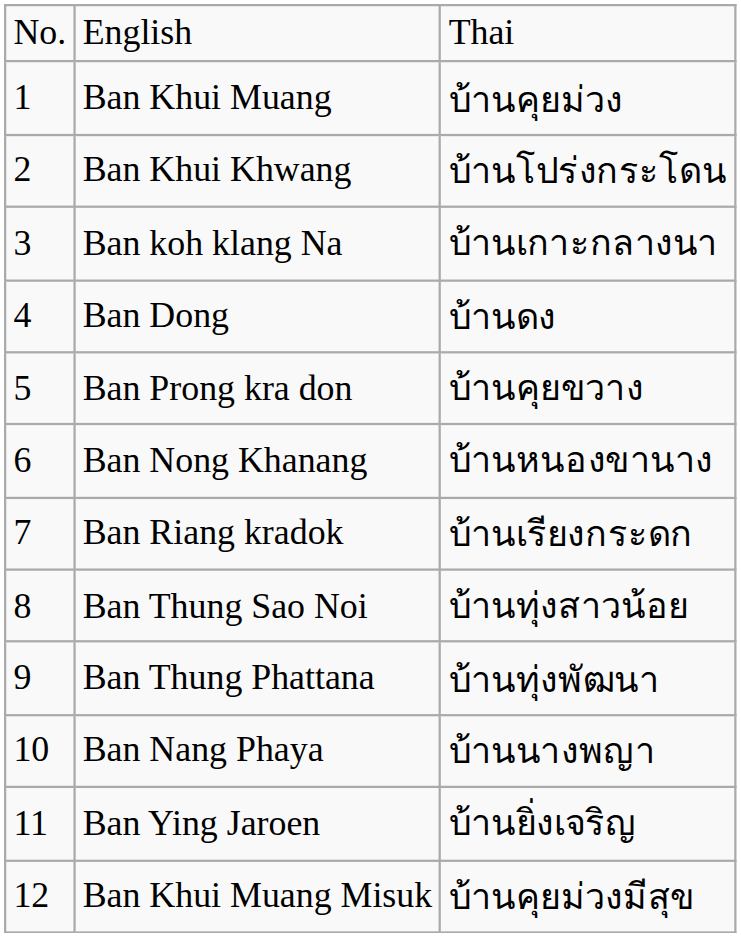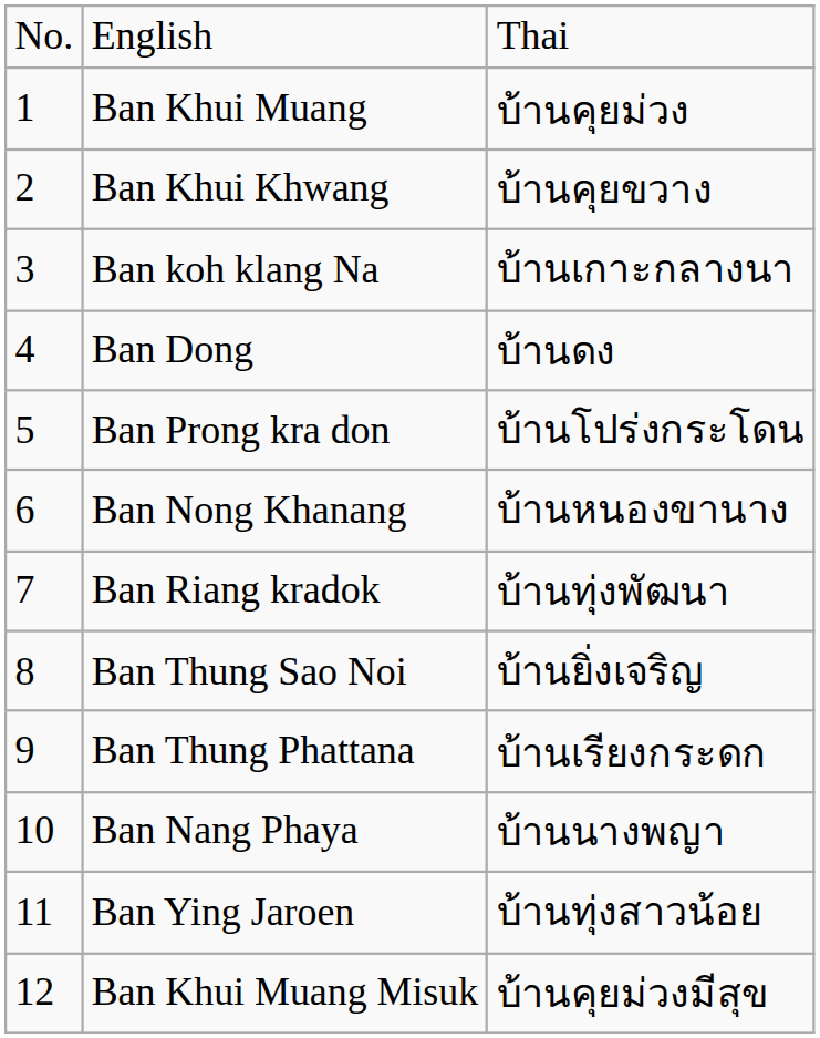 <table class="wikitable">
 <tr>
 <td>No.</td>
 <td>English</td>
 <td>Thai</td>
 </tr>
 <tr>
 <td>1</td>
 <td>Ban Khui Muang</td>
 <td>บ้านคุยม่วง</td>
 </tr>
 <tr>
 <td>2</td>
 <td>Ban Khui Khwang</td>
-<td>บ้านโปร่งกระโดน</td>
+<td>บ้านคุยขวาง</td>
 </tr>
 <tr>
 <td>3</td>
 <td>Ban koh klang Na</td>
 <td>บ้านเกาะกลางนา</td>
 </tr>
 <tr>
 <td>4</td>
 <td>Ban Dong</td>
 <td>บ้านดง</td>
 </tr>
 <tr>
 <td>5</td>
 <td>Ban Prong kra don</td>
-<td>บ้านคุยขวาง</td>
+<td>บ้านโปร่งกระโดน</td>
 </tr>
 <tr>
 <td>6</td>
 <td>Ban Nong Khanang</td>
 <td>บ้านหนองขานาง</td>
 </tr>
 <tr>
 <td>7</td>
 <td>Ban Riang kradok</td>
-<td>บ้านเรียงกระดก</td>
+<td>บ้านทุ่งพัฒนา</td>
 </tr>
 <tr>
 <td>8</td>
 <td>Ban Thung Sao Noi</td>
-<td>บ้านทุ่งสาวน้อย</td>
+<td>บ้านยิ่งเจริญ</td>
 </tr>
 <tr>
 <td>9</td>
 <td>Ban Thung Phattana</td>
-<td>บ้านทุ่งพัฒนา</td>
+<td>บ้านเรียงกระดก</td>
 </tr>
 <tr>
 <td>10</td>
 <td>Ban Nang Phaya</td>
 <td>บ้านนางพญา</td>
 </tr>
 <tr>
 <td>11</td>
 <td>Ban Ying Jaroen</td>
-<td>บ้านยิ่งเจริญ</td>
+<td>บ้านทุ่งสาวน้อย</td>
 </tr>
 <tr>
 <td>12</td>
 <td>Ban Khui Muang Misuk</td>
 <td>บ้านคุยม่วงมีสุข</td>
 </tr>
 </table>
